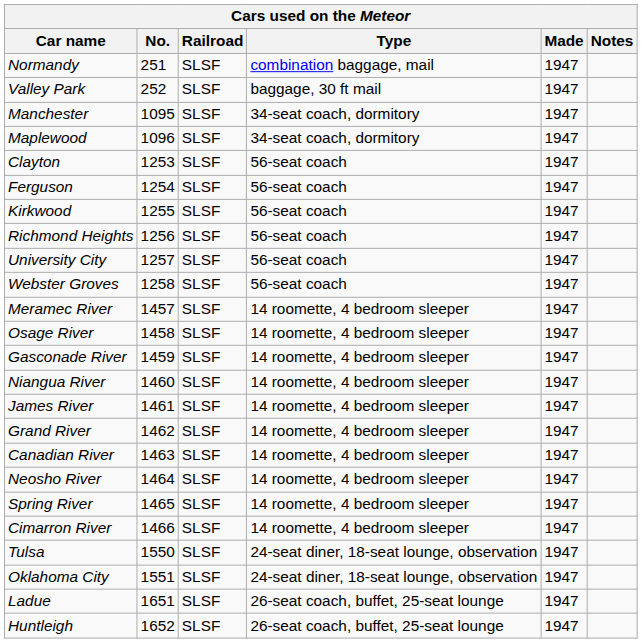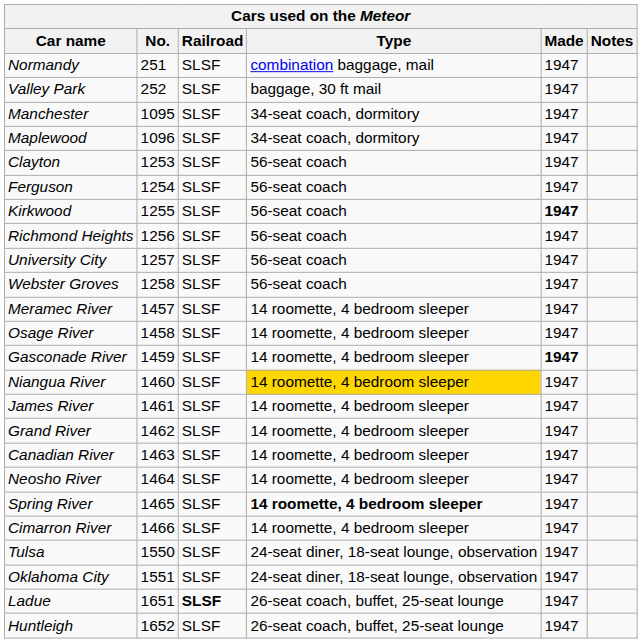 <table class="wikitable">
 <tr>
 <th colspan=6>Cars used on the <em>Meteor</em></th>
 </tr>
 <tr>
 <th>Car name</th>
 <th>No.</th>
 <th>Railroad</th>
 <th>Type</th>
 <th>Made</th>
 <th>Notes</th>
 </tr>
 <tr>
 <td><em>Normandy</em></td>
 <td>251</td>
 <td>SLSF</td>
 <td><a href='#'>combination</a> baggage,  mail</td>
 <td>1947</td>
 <td> </td>
 </tr>
 <tr>
 <td><em>Valley Park</em></td>
 <td>252</td>
 <td>SLSF</td>
 <td>baggage, 30 ft mail</td>
 <td>1947</td>
 <td> </td>
 </tr>
 <tr>
 <td><em>Manchester</em></td>
 <td>1095</td>
 <td>SLSF</td>
 <td>34-seat coach, dormitory</td>
 <td>1947</td>
 <td> </td>
 </tr>
 <tr>
 <td><em>Maplewood</em></td>
 <td>1096</td>
 <td>SLSF</td>
 <td>34-seat coach, dormitory</td>
 <td>1947</td>
 <td> </td>
 </tr>
 <tr>
 <td><em>Clayton</em></td>
 <td>1253</td>
 <td>SLSF</td>
 <td>56-seat coach</td>
 <td>1947</td>
 <td> </td>
 </tr>
 <tr>
 <td><em>Ferguson</em></td>
 <td>1254</td>
 <td>SLSF</td>
 <td>56-seat coach</td>
 <td>1947</td>
 <td> </td>
 </tr>
 <tr>
 <td><em>Kirkwood</em></td>
 <td>1255</td>
 <td>SLSF</td>
 <td>56-seat coach</td>
-<td>1947</td>
+<td><strong>1947</strong></td>
 <td> </td>
 </tr>
 <tr>
 <td><em>Richmond Heights</em></td>
 <td>1256</td>
 <td>SLSF</td>
 <td>56-seat coach</td>
 <td>1947</td>
 <td> </td>
 </tr>
 <tr>
 <td><em>University City</em></td>
 <td>1257</td>
 <td>SLSF</td>
 <td>56-seat coach</td>
 <td>1947</td>
 <td> </td>
 </tr>
 <tr>
 <td><em>Webster Groves</em></td>
 <td>1258</td>
 <td>SLSF</td>
 <td>56-seat coach</td>
 <td>1947</td>
 <td> </td>
 </tr>
 <tr>
 <td><em>Meramec River</em></td>
 <td>1457</td>
 <td>SLSF</td>
 <td>14 roomette, 4 bedroom sleeper</td>
 <td>1947</td>
 <td> </td>
 </tr>
 <tr>
 <td><em>Osage River</em></td>
 <td>1458</td>
 <td>SLSF</td>
 <td>14 roomette, 4 bedroom sleeper</td>
 <td>1947</td>
 <td> </td>
 </tr>
 <tr>
 <td><em>Gasconade River</em></td>
 <td>1459</td>
 <td>SLSF</td>
 <td>14 roomette, 4 bedroom sleeper</td>
-<td>1947</td>
+<td><strong>1947</strong></td>
 <td> </td>
 </tr>
 <tr>
 <td><em>Niangua River</em></td>
 <td>1460</td>
 <td>SLSF</td>
-<td>14 roomette, 4 bedroom sleeper</td>
+<td style="background: gold;">14 roomette, 4 bedroom sleeper</td>
 <td>1947</td>
 <td> </td>
 </tr>
 <tr>
 <td><em>James River</em></td>
 <td>1461</td>
 <td>SLSF</td>
 <td>14 roomette, 4 bedroom sleeper</td>
 <td>1947</td>
 <td> </td>
 </tr>
 <tr>
 <td><em>Grand River</em></td>
 <td>1462</td>
 <td>SLSF</td>
 <td>14 roomette, 4 bedroom sleeper</td>
 <td>1947</td>
 <td> </td>
 </tr>
 <tr>
 <td><em>Canadian River</em></td>
 <td>1463</td>
 <td>SLSF</td>
 <td>14 roomette, 4 bedroom sleeper</td>
 <td>1947</td>
 <td> </td>
 </tr>
 <tr>
 <td><em>Neosho River</em></td>
 <td>1464</td>
 <td>SLSF</td>
 <td>14 roomette, 4 bedroom sleeper</td>
 <td>1947</td>
 <td> </td>
 </tr>
 <tr>
 <td><em>Spring River</em></td>
 <td>1465</td>
 <td>SLSF</td>
-<td>14 roomette, 4 bedroom sleeper</td>
+<td><strong>14 roomette, 4 bedroom sleeper</strong></td>
 <td>1947</td>
 <td> </td>
 </tr>
 <tr>
 <td><em>Cimarron River</em></td>
 <td>1466</td>
 <td>SLSF</td>
 <td>14 roomette, 4 bedroom sleeper</td>
 <td>1947</td>
 <td> </td>
 </tr>
 <tr>
 <td><em>Tulsa</em></td>
 <td>1550</td>
 <td>SLSF</td>
 <td>24-seat diner, 18-seat lounge, observation</td>
 <td>1947</td>
 <td> </td>
 </tr>
 <tr>
 <td><em>Oklahoma City</em></td>
 <td>1551</td>
 <td>SLSF</td>
 <td>24-seat diner, 18-seat lounge, observation</td>
 <td>1947</td>
 <td> </td>
 </tr>
 <tr>
 <td><em>Ladue</em></td>
 <td>1651</td>
-<td>SLSF</td>
+<td><strong>SLSF</strong></td>
 <td>26-seat coach, buffet, 25-seat lounge</td>
 <td>1947</td>
 <td> </td>
 </tr>
 <tr>
 <td><em>Huntleigh</em></td>
 <td>1652</td>
 <td>SLSF</td>
 <td>26-seat coach, buffet, 25-seat lounge</td>
 <td>1947</td>
 <td> </td>
 </tr>
 </table>
